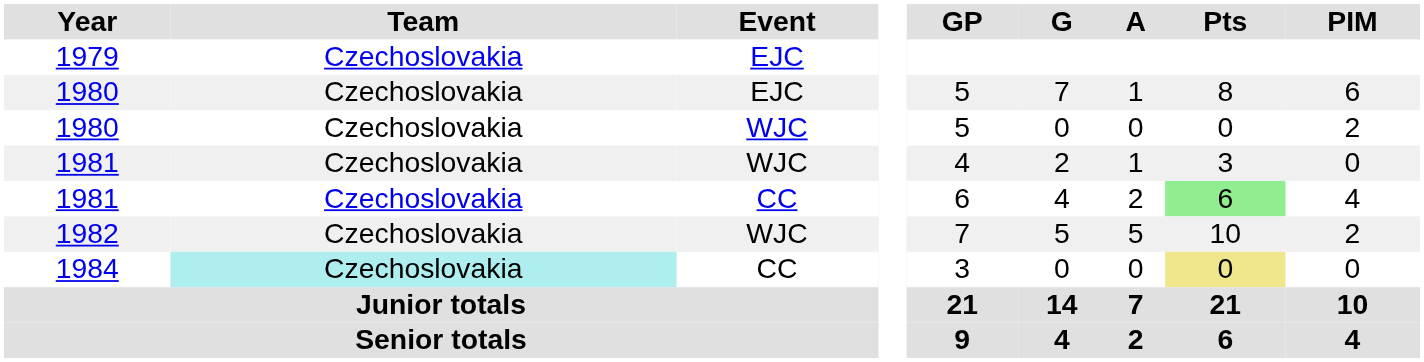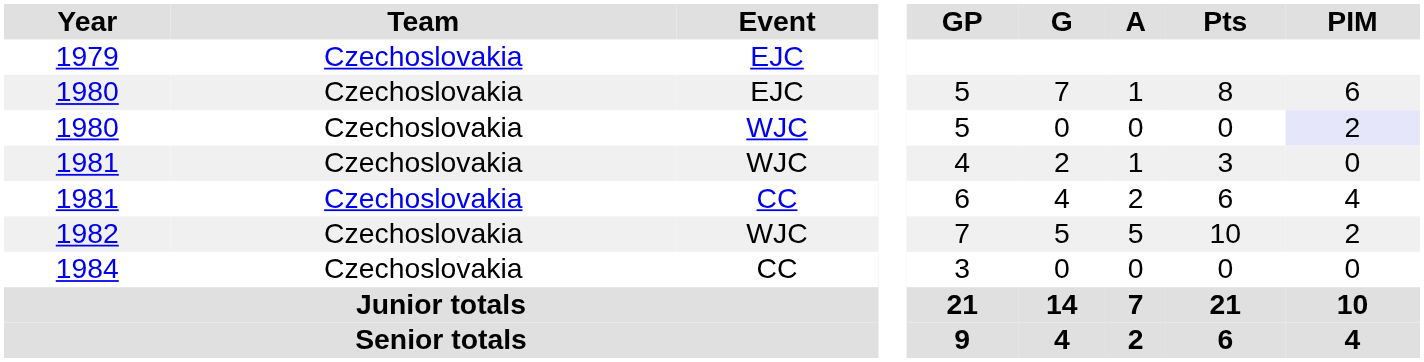 <table border="0" cellpadding="1" cellspacing="0" style="text-align:center; width:50em">
 <tr ALIGN="center" bgcolor="#e0e0e0">
 <th>Year</th>
 <th>Team</th>
 <th>Event</th>
 <th rowspan="99" bgcolor="#ffffff"> </th>
 <th>GP</th>
 <th>G</th>
 <th>A</th>
 <th>Pts</th>
 <th>PIM</th>
 </tr>
 <tr>
 <td><a href='#'>1979</a></td>
 <td><a href='#'>Czechoslovakia</a></td>
 <td><a href='#'>EJC</a></td>
 <td></td>
 <td></td>
 <td></td>
 <td></td>
 <td></td>
 </tr>
 <tr bgcolor="#f0f0f0">
 <td><a href='#'>1980</a></td>
 <td>Czechoslovakia</td>
 <td>EJC</td>
 <td>5</td>
 <td>7</td>
 <td>1</td>
 <td>8</td>
 <td>6</td>
 </tr>
 <tr>
 <td><a href='#'>1980</a></td>
 <td>Czechoslovakia</td>
 <td><a href='#'>WJC</a></td>
 <td>5</td>
 <td>0</td>
 <td>0</td>
 <td>0</td>
-<td>2</td>
+<td style="background: lavender;">2</td>
 </tr>
 <tr bgcolor="#f0f0f0">
 <td><a href='#'>1981</a></td>
 <td>Czechoslovakia</td>
 <td>WJC</td>
 <td>4</td>
 <td>2</td>
 <td>1</td>
 <td>3</td>
 <td>0</td>
 </tr>
 <tr>
 <td><a href='#'>1981</a></td>
 <td><a href='#'>Czechoslovakia</a></td>
 <td><a href='#'>CC</a></td>
 <td>6</td>
 <td>4</td>
 <td>2</td>
-<td style="background: lightgreen;">6</td>
+<td>6</td>
 <td>4</td>
 </tr>
 <tr bgcolor="#f0f0f0">
 <td><a href='#'>1982</a></td>
 <td>Czechoslovakia</td>
 <td>WJC</td>
 <td>7</td>
 <td>5</td>
 <td>5</td>
 <td>10</td>
 <td>2</td>
 </tr>
 <tr>
 <td><a href='#'>1984</a></td>
-<td style="background: paleturquoise;">Czechoslovakia</td>
+<td>Czechoslovakia</td>
 <td>CC</td>
 <td>3</td>
 <td>0</td>
 <td>0</td>
-<td style="background: khaki;">0</td>
+<td>0</td>
 <td>0</td>
 </tr>
 <tr bgcolor="#e0e0e0">
 <th colspan=3>Junior totals</th>
 <th>21</th>
 <th>14</th>
 <th>7</th>
 <th>21</th>
 <th>10</th>
 </tr>
 <tr bgcolor="#e0e0e0">
 <th colspan=3>Senior totals</th>
 <th>9</th>
 <th>4</th>
 <th>2</th>
 <th>6</th>
 <th>4</th>
 </tr>
 </table>
